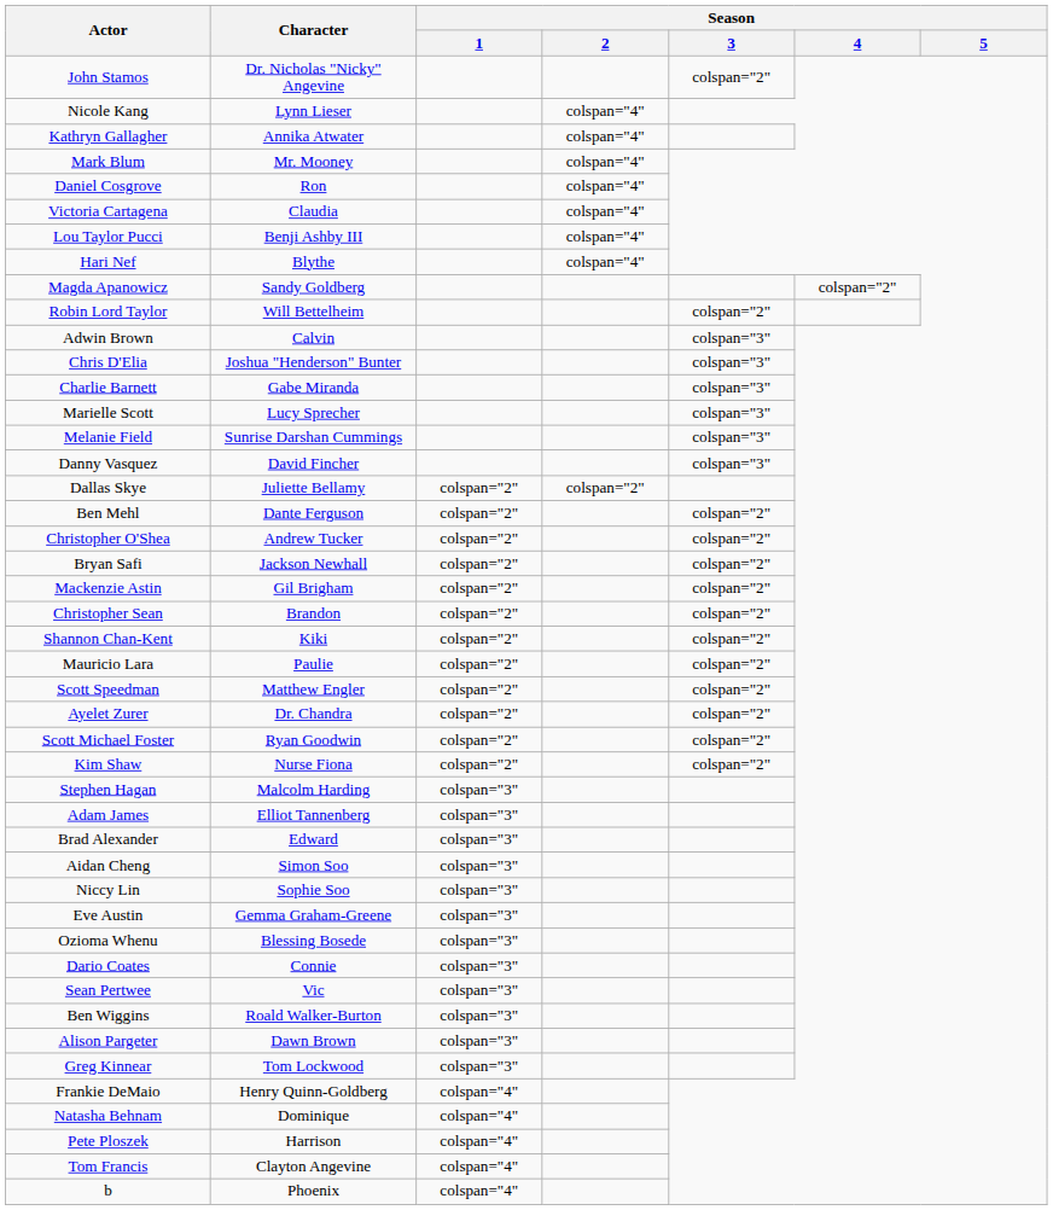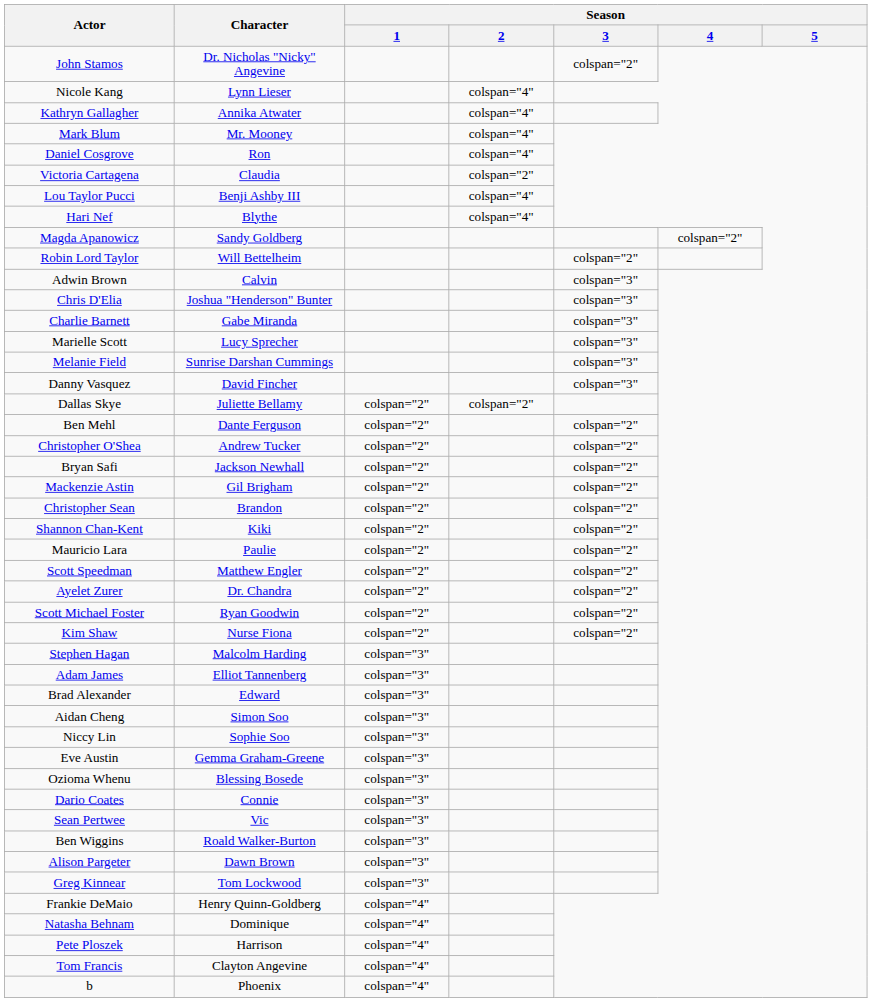 <table class="wikitable plainrowheaders" style="text-align:center;">
 <tr>
 <th rowspan="2" style="width: 200px;">Actor</th>
 <th rowspan="2" style="width: 200px;">Character</th>
 <th colspan="5" scope="col">Season</th>
 </tr>
 <tr>
 <th style="width: 120px;"><a href='#'>1</a></th>
 <th style="width: 120px;"><a href='#'>2</a></th>
 <th style="width: 120px;"><a href='#'>3</a></th>
 <th style="width: 120px;"><a href='#'>4</a></th>
 <th style="width: 120px;"><a href='#'>5</a></th>
 </tr>
 <tr>
 <td><a href='#'>John Stamos</a></td>
 <td><a href='#'>Dr. Nicholas "Nicky" Angevine</a></td>
 <td></td>
 <td></td>
 <td>colspan="2" </td>
 </tr>
 <tr>
 <td>Nicole Kang</td>
 <td><a href='#'>Lynn Lieser</a></td>
 <td></td>
 <td>colspan="4" </td>
 </tr>
 <tr>
 <td><a href='#'>Kathryn Gallagher</a></td>
 <td><a href='#'>Annika Atwater</a></td>
 <td></td>
 <td>colspan="4" </td>
 <td></td>
 </tr>
 <tr>
 <td><a href='#'>Mark Blum</a></td>
 <td><a href='#'>Mr. Mooney</a></td>
 <td></td>
 <td>colspan="4" </td>
 </tr>
 <tr>
 <td><a href='#'>Daniel Cosgrove</a></td>
 <td><a href='#'>Ron</a></td>
 <td></td>
 <td>colspan="4" </td>
 </tr>
 <tr>
 <td><a href='#'>Victoria Cartagena</a></td>
 <td><a href='#'>Claudia</a></td>
 <td></td>
-<td>colspan="4" </td>
+<td>colspan="2" </td>
 </tr>
 <tr>
 <td><a href='#'>Lou Taylor Pucci</a></td>
 <td><a href='#'>Benji Ashby III</a></td>
 <td></td>
 <td>colspan="4" </td>
 </tr>
 <tr>
 <td><a href='#'>Hari Nef</a></td>
 <td><a href='#'>Blythe</a></td>
 <td></td>
 <td>colspan="4" </td>
 </tr>
 <tr>
 <td><a href='#'>Magda Apanowicz</a></td>
 <td><a href='#'>Sandy Goldberg</a></td>
 <td></td>
 <td></td>
 <td></td>
 <td>colspan="2" </td>
 </tr>
 <tr>
 <td><a href='#'>Robin Lord Taylor</a></td>
 <td><a href='#'>Will Bettelheim</a></td>
 <td></td>
 <td></td>
 <td>colspan="2" </td>
 <td></td>
 </tr>
 <tr>
 <td>Adwin Brown</td>
 <td><a href='#'>Calvin</a></td>
 <td></td>
 <td></td>
 <td>colspan="3" </td>
 </tr>
 <tr>
 <td><a href='#'>Chris D'Elia</a></td>
 <td><a href='#'>Joshua "Henderson" Bunter</a></td>
 <td></td>
 <td></td>
 <td>colspan="3" </td>
 </tr>
 <tr>
 <td><a href='#'>Charlie Barnett</a></td>
 <td><a href='#'>Gabe Miranda</a></td>
 <td></td>
 <td></td>
 <td>colspan="3" </td>
 </tr>
 <tr>
 <td>Marielle Scott</td>
 <td><a href='#'>Lucy Sprecher</a></td>
 <td></td>
 <td></td>
 <td>colspan="3" </td>
 </tr>
 <tr>
 <td><a href='#'>Melanie Field</a></td>
 <td><a href='#'>Sunrise Darshan Cummings</a></td>
 <td></td>
 <td></td>
 <td>colspan="3" </td>
 </tr>
 <tr>
 <td>Danny Vasquez</td>
 <td><a href='#'>David Fincher</a></td>
 <td></td>
 <td></td>
 <td>colspan="3" </td>
 </tr>
 <tr>
 <td>Dallas Skye</td>
 <td><a href='#'> Juliette Bellamy</a></td>
 <td>colspan="2" </td>
 <td>colspan="2" </td>
 <td></td>
 </tr>
 <tr>
 <td>Ben Mehl</td>
 <td><a href='#'>Dante Ferguson</a></td>
 <td>colspan="2" </td>
 <td></td>
 <td>colspan="2" </td>
 </tr>
 <tr>
 <td><a href='#'>Christopher O'Shea</a></td>
 <td><a href='#'>Andrew Tucker</a></td>
 <td>colspan="2" </td>
 <td></td>
 <td>colspan="2" </td>
 </tr>
 <tr>
 <td>Bryan Safi</td>
 <td><a href='#'>Jackson Newhall</a></td>
 <td>colspan="2" </td>
 <td></td>
 <td>colspan="2" </td>
 </tr>
 <tr>
 <td><a href='#'>Mackenzie Astin</a></td>
 <td><a href='#'>Gil Brigham</a></td>
 <td>colspan="2" </td>
 <td></td>
 <td>colspan="2" </td>
 </tr>
 <tr>
 <td><a href='#'>Christopher Sean</a></td>
 <td><a href='#'>Brandon</a></td>
 <td>colspan="2" </td>
 <td></td>
 <td>colspan="2" </td>
 </tr>
 <tr>
 <td><a href='#'>Shannon Chan-Kent</a></td>
 <td><a href='#'>Kiki</a></td>
 <td>colspan="2" </td>
 <td></td>
 <td>colspan="2" </td>
 </tr>
 <tr>
 <td>Mauricio Lara</td>
 <td><a href='#'>Paulie</a></td>
 <td>colspan="2" </td>
 <td></td>
 <td>colspan="2" </td>
 </tr>
 <tr>
 <td><a href='#'>Scott Speedman</a></td>
 <td><a href='#'>Matthew Engler</a></td>
 <td>colspan="2" </td>
 <td></td>
 <td>colspan="2" </td>
 </tr>
 <tr>
 <td><a href='#'>Ayelet Zurer</a></td>
 <td><a href='#'>Dr. Chandra</a></td>
 <td>colspan="2" </td>
 <td></td>
 <td>colspan="2" </td>
 </tr>
 <tr>
 <td><a href='#'>Scott Michael Foster</a></td>
 <td><a href='#'>Ryan Goodwin</a></td>
 <td>colspan="2" </td>
 <td></td>
 <td>colspan="2" </td>
 </tr>
 <tr>
 <td><a href='#'>Kim Shaw</a></td>
 <td><a href='#'>Nurse Fiona</a></td>
 <td>colspan="2" </td>
 <td></td>
 <td>colspan="2" </td>
 </tr>
 <tr>
 <td><a href='#'>Stephen Hagan</a></td>
 <td><a href='#'>Malcolm Harding</a></td>
 <td>colspan="3" </td>
 <td></td>
 <td></td>
 </tr>
 <tr>
 <td><a href='#'>Adam James</a></td>
 <td><a href='#'>Elliot Tannenberg</a></td>
 <td>colspan="3" </td>
 <td></td>
 <td></td>
 </tr>
 <tr>
 <td>Brad Alexander</td>
 <td><a href='#'>Edward</a></td>
 <td>colspan="3" </td>
 <td></td>
 <td></td>
 </tr>
 <tr>
 <td>Aidan Cheng</td>
 <td><a href='#'>Simon Soo</a></td>
 <td>colspan="3" </td>
 <td></td>
 <td></td>
 </tr>
 <tr>
 <td>Niccy Lin</td>
 <td><a href='#'>Sophie Soo</a></td>
 <td>colspan="3" </td>
 <td></td>
 <td></td>
 </tr>
 <tr>
 <td>Eve Austin</td>
 <td><a href='#'>Gemma Graham-Greene</a></td>
 <td>colspan="3" </td>
 <td></td>
 <td></td>
 </tr>
 <tr>
 <td>Ozioma Whenu</td>
 <td><a href='#'>Blessing Bosede</a></td>
 <td>colspan="3" </td>
 <td></td>
 <td></td>
 </tr>
 <tr>
 <td><a href='#'>Dario Coates</a></td>
 <td><a href='#'>Connie</a></td>
 <td>colspan="3" </td>
 <td></td>
 <td></td>
 </tr>
 <tr>
 <td><a href='#'>Sean Pertwee</a></td>
 <td><a href='#'>Vic</a></td>
 <td>colspan="3" </td>
 <td></td>
 <td></td>
 </tr>
 <tr>
 <td>Ben Wiggins</td>
 <td><a href='#'>Roald Walker-Burton</a></td>
 <td>colspan="3" </td>
 <td></td>
 <td></td>
 </tr>
 <tr>
 <td><a href='#'>Alison Pargeter</a></td>
 <td><a href='#'>Dawn Brown</a></td>
 <td>colspan="3" </td>
 <td></td>
 <td></td>
 </tr>
 <tr>
 <td><a href='#'>Greg Kinnear</a></td>
 <td><a href='#'>Tom Lockwood</a></td>
 <td>colspan="3" </td>
 <td></td>
 <td></td>
 </tr>
 <tr>
 <td>Frankie DeMaio</td>
 <td>Henry Quinn-Goldberg</td>
 <td>colspan="4" </td>
 <td></td>
 </tr>
 <tr>
 <td><a href='#'>Natasha Behnam</a></td>
 <td>Dominique</td>
 <td>colspan="4" </td>
 <td></td>
 </tr>
 <tr>
 <td><a href='#'>Pete Ploszek</a></td>
 <td>Harrison</td>
 <td>colspan="4" </td>
 <td></td>
 </tr>
 <tr>
 <td><a href='#'>Tom Francis</a></td>
 <td>Clayton Angevine</td>
 <td>colspan="4" </td>
 <td></td>
 </tr>
 <tr>
 <td>b</td>
 <td>Phoenix</td>
 <td>colspan="4" </td>
 <td></td>
 </tr>
 </table>
